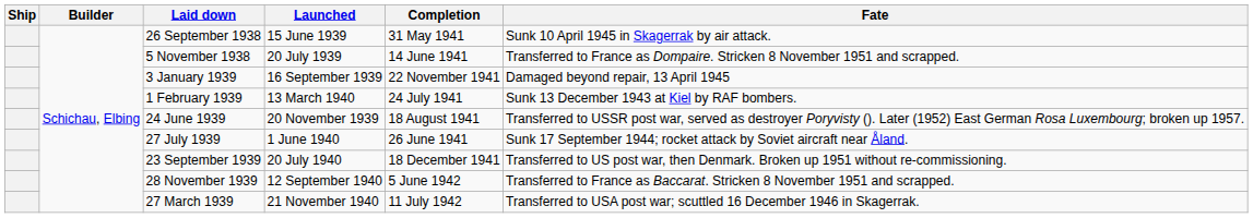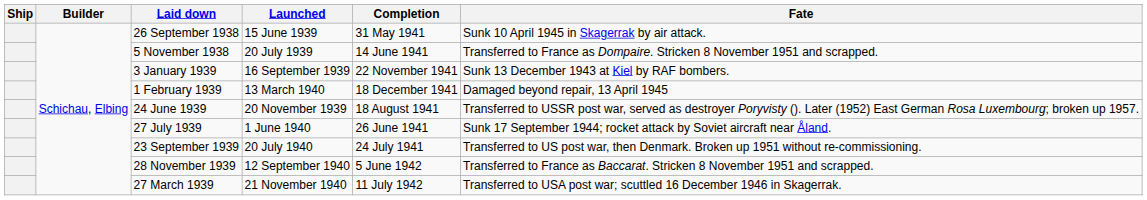 <table class="wikitable plainrowheaders">
 <tr>
 <th scope="col">Ship</th>
 <th scope="col">Builder</th>
 <th scope="col"><a href='#'>Laid down</a></th>
 <th scope="col"><a href='#'>Launched</a></th>
 <th scope="col">Completion</th>
 <th scope="col">Fate</th>
 </tr>
 <tr>
 <th scope="row"></th>
 <td rowspan=9><a href='#'>Schichau</a>, <a href='#'>Elbing</a></td>
 <td>26 September 1938</td>
 <td>15 June 1939</td>
 <td>31 May 1941</td>
 <td>Sunk 10 April 1945 in <a href='#'>Skagerrak</a> by air attack.</td>
 </tr>
 <tr>
 <th scope="row"></th>
 <td>5 November 1938</td>
 <td>20 July 1939</td>
 <td>14 June 1941</td>
 <td>Transferred to France as <em>Dompaire</em>. Stricken 8 November 1951 and scrapped.</td>
 </tr>
 <tr>
 <th scope="row"></th>
 <td>3 January 1939</td>
 <td>16 September 1939</td>
 <td>22 November 1941</td>
-<td>Damaged beyond repair, 13 April 1945</td>
+<td>Sunk 13 December 1943 at <a href='#'>Kiel</a> by RAF bombers.</td>
 </tr>
 <tr>
 <th scope="row"></th>
 <td>1 February 1939</td>
 <td>13 March 1940</td>
-<td>24 July 1941</td>
-<td>Sunk 13 December 1943 at <a href='#'>Kiel</a> by RAF bombers.</td>
+<td>18 December 1941</td>
+<td>Damaged beyond repair, 13 April 1945</td>
 </tr>
 <tr>
 <th scope="row"></th>
 <td>24 June 1939</td>
 <td>20 November 1939</td>
 <td>18 August 1941</td>
 <td>Transferred to USSR post war, served as destroyer <em>Poryvisty</em> (). Later (1952) East German <em>Rosa Luxembourg</em>; broken up 1957.</td>
 </tr>
 <tr>
 <th scope="row"></th>
 <td>27 July 1939</td>
 <td>1 June 1940</td>
 <td>26 June 1941</td>
 <td>Sunk 17 September 1944; rocket attack by Soviet aircraft near <a href='#'>Åland</a>.</td>
 </tr>
 <tr>
 <th scope="row"></th>
 <td>23 September 1939</td>
 <td>20 July 1940</td>
-<td>18 December 1941</td>
+<td>24 July 1941</td>
 <td>Transferred to US post war, then Denmark. Broken up 1951 without re-commissioning.</td>
 </tr>
 <tr>
 <th scope="row"></th>
 <td>28 November 1939</td>
 <td>12 September 1940</td>
 <td>5 June 1942</td>
 <td>Transferred to France as <em>Baccarat</em>. Stricken 8 November 1951 and scrapped.</td>
 </tr>
 <tr>
 <th scope="row"></th>
 <td>27 March 1939</td>
 <td>21 November 1940</td>
 <td>11 July 1942</td>
 <td>Transferred to USA post war; scuttled 16 December 1946 in Skagerrak.</td>
 </tr>
 </table>
